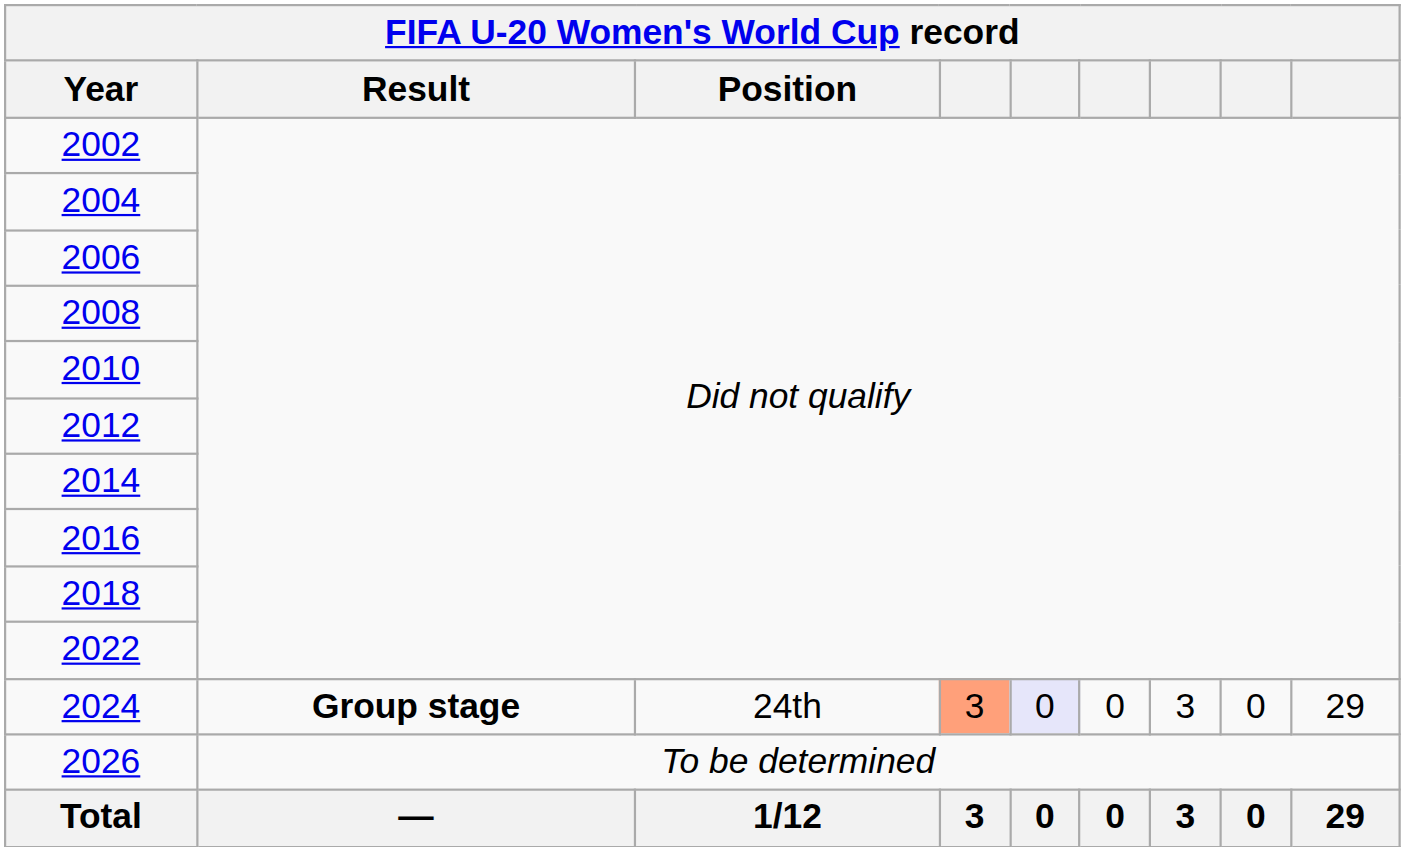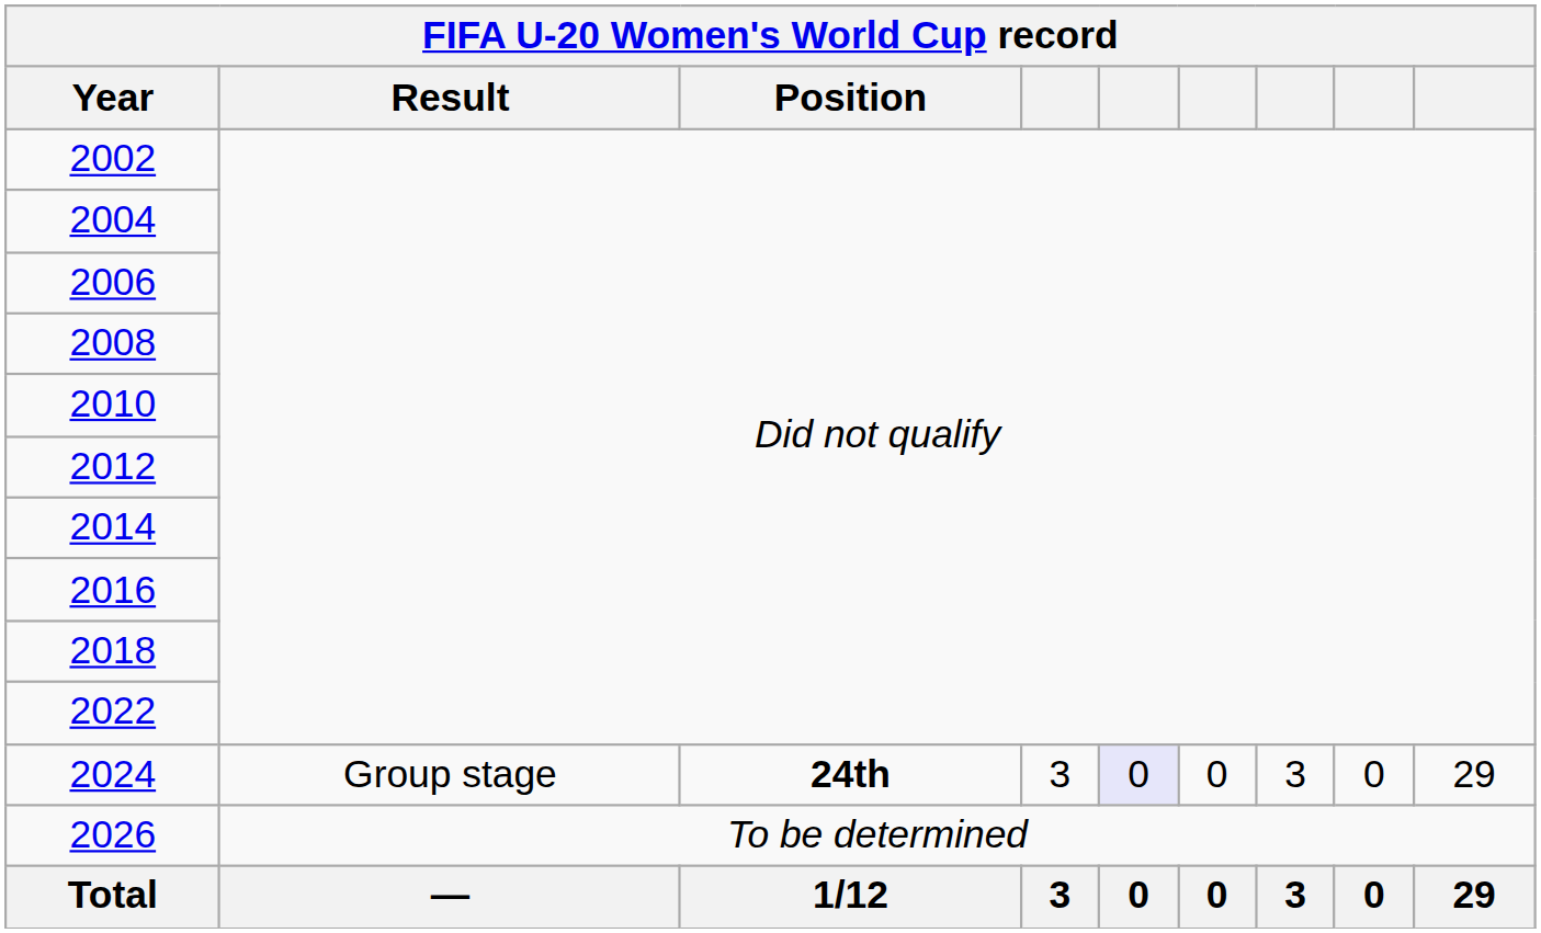 <table class="wikitable" style="text-align: center; width:50%;">
 <tr>
 <th colspan=9><a href='#'>FIFA U-20 Women's World Cup</a> record</th>
 </tr>
 <tr>
 <th>Year</th>
 <th>Result</th>
 <th>Position</th>
 <th></th>
 <th></th>
 <th></th>
 <th></th>
 <th></th>
 <th></th>
 </tr>
 <tr>
 <td> <a href='#'>2002</a></td>
 <td colspan=8 rowspan=10><em>Did not qualify</em></td>
 </tr>
 <tr>
 <td> <a href='#'>2004</a></td>
 </tr>
 <tr>
 <td> <a href='#'>2006</a></td>
 </tr>
 <tr>
 <td> <a href='#'>2008</a></td>
 </tr>
 <tr>
 <td> <a href='#'>2010</a></td>
 </tr>
 <tr>
 <td> <a href='#'>2012</a></td>
 </tr>
 <tr>
 <td> <a href='#'>2014</a></td>
 </tr>
 <tr>
 <td> <a href='#'>2016</a></td>
 </tr>
 <tr>
 <td> <a href='#'>2018</a></td>
 </tr>
 <tr>
 <td> <a href='#'>2022</a></td>
 </tr>
 <tr>
 <td> <a href='#'>2024</a></td>
-<td><strong>Group stage</strong></td>
-<td>24th</td>
-<td style="background: lightsalmon;">3</td>
+<td>Group stage</td>
+<td><strong>24th</strong></td>
+<td>3</td>
 <td style="background: lavender;">0</td>
 <td>0</td>
 <td>3</td>
 <td>0</td>
 <td>29</td>
 </tr>
 <tr>
 <td> <a href='#'>2026</a></td>
 <td colspan=8><em>To be determined</em></td>
 </tr>
 <tr>
 <th>Total</th>
 <th>—</th>
 <th>1/12</th>
 <th>3</th>
 <th>0</th>
 <th>0</th>
 <th>3</th>
 <th>0</th>
 <th>29</th>
 </tr>
 </table>
